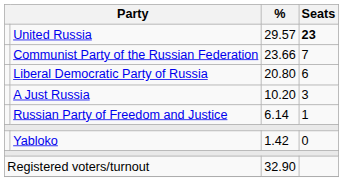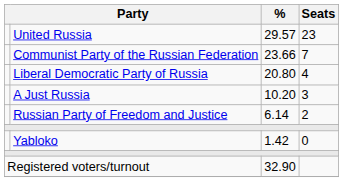 <table class="wikitable">
 <tr>
 <th colspan=2>Party</th>
 <th>%</th>
 <th>Seats</th>
 </tr>
 <tr>
 <td style="background:"></td>
 <td><a href='#'>United Russia</a></td>
 <td>29.57</td>
-<td><strong>23</strong></td>
+<td>23</td>
 </tr>
 <tr>
 <td style="background:"></td>
 <td><a href='#'>Communist Party of the Russian Federation</a></td>
 <td>23.66</td>
 <td>7</td>
 </tr>
 <tr>
 <td style="background:"></td>
 <td><a href='#'>Liberal Democratic Party of Russia</a></td>
 <td>20.80</td>
-<td>6</td>
+<td>4</td>
 </tr>
 <tr>
 <td style="background:"></td>
 <td><a href='#'>A Just Russia</a></td>
 <td>10.20</td>
 <td>3</td>
 </tr>
 <tr>
 <td style="background:"></td>
 <td><a href='#'>Russian Party of Freedom and Justice</a></td>
 <td>6.14</td>
-<td>1</td>
+<td>2</td>
 </tr>
 <tr>
 <td colspan=13 style="background:#E9E9E9;"></td>
 </tr>
 <tr>
 <td style="background:"></td>
 <td><a href='#'>Yabloko</a></td>
 <td>1.42</td>
 <td>0</td>
 </tr>
 <tr>
 <td colspan=13 style="background:#E9E9E9;"></td>
 </tr>
 <tr>
 <td align=left colspan=2>Registered voters/turnout</td>
 <td>32.90</td>
 <td></td>
 </tr>
 <tr>
 </tr>
 </table>
